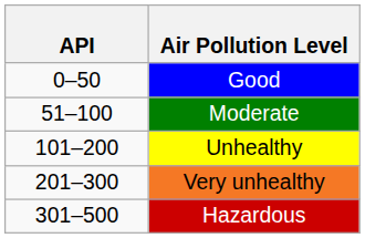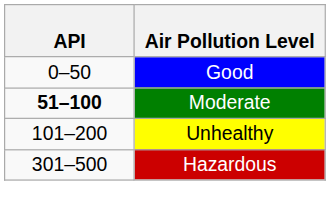 <table class="wikitable" border="1">
 <tr>
 <th width="100px"><br>API</th>
 <th width="150px"><br>Air Pollution Level</th>
 </tr>
 <tr>
 <td align="center">0–50</td>
 <td align="center" bgcolor="#0000ff" style="color: #ffffff">Good</td>
 </tr>
 <tr>
-<td align="center">51–100</td>
+<td align="center"><strong>51–100</strong></td>
 <td align="center" bgcolor="#008000" style="color: #ffffff">Moderate</td>
 </tr>
 <tr>
 <td align="center">101–200</td>
 <td align="center" bgcolor="#ffff00">Unhealthy</td>
 </tr>
 <tr>
-<td align="center">201–300</td>
-<td align="center" bgcolor="#f57825">Very unhealthy</td>
-</tr>
-<tr>
 <td align="center">301–500</td>
 <td align="center" bgcolor="#cc0000" style="color: #ffffff">Hazardous</td>
 </tr>
 </table>
